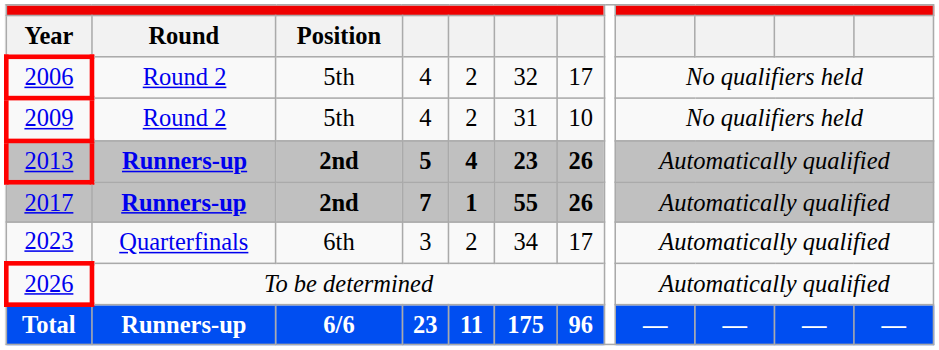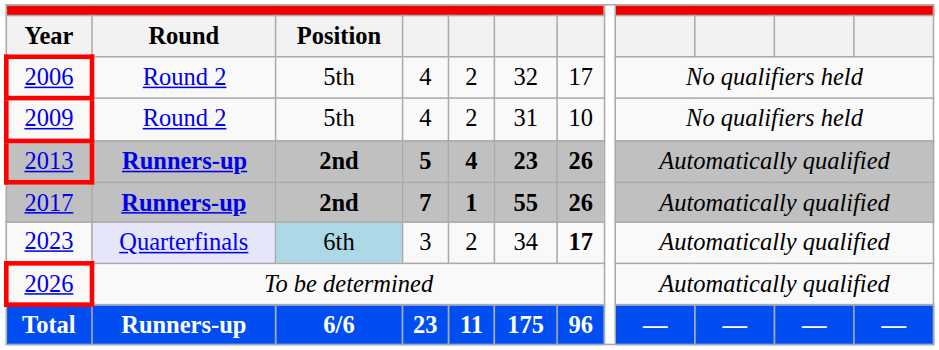 <table class="wikitable" style="text-align: center;">
 <tr>
 <th style="background:#EF0000;" colspan="7"><a href='#'></a> </th>
 <th style="background:white; width:1%;" rowspan="9"></th>
 <th style="background:#EF0000; color:#FFFFFF;" colspan="5"><a href='#'></a> </th>
 </tr>
 <tr>
 <th>Year</th>
 <th>Round</th>
 <th>Position</th>
 <th></th>
 <th></th>
 <th></th>
 <th></th>
 <th></th>
 <th></th>
 <th></th>
 <th></th>
 </tr>
 <tr>
 <td style="border: 3px solid red"> <a href='#'>2006</a></td>
 <td><a href='#'>Round 2</a></td>
 <td>5th</td>
 <td>4</td>
 <td>2</td>
 <td>32</td>
 <td>17</td>
 <td colspan=4 align=center><em>No qualifiers held</em></td>
 </tr>
 <tr>
 <td style="border: 3px solid red">  <a href='#'>2009</a></td>
 <td><a href='#'>Round 2</a></td>
 <td>5th</td>
 <td>4</td>
 <td>2</td>
 <td>31</td>
 <td>10</td>
 <td colspan=4 align=center><em>No qualifiers held</em></td>
 </tr>
 <tr style="background:Silver;">
 <td style="border: 3px solid red">  <a href='#'>2013</a></td>
 <td><strong><a href='#'>Runners-up</a></strong></td>
 <td><strong>2nd</strong></td>
 <td><strong>5</strong></td>
 <td><strong>4</strong></td>
 <td><strong>23</strong></td>
 <td><strong>26</strong></td>
 <td colspan=4 align=center><em>Automatically qualified</em></td>
 </tr>
 <tr style="background:Silver;">
 <td>  <a href='#'>2017</a></td>
 <td><strong><a href='#'>Runners-up</a></strong></td>
 <td><strong>2nd</strong></td>
 <td><strong>7</strong></td>
 <td><strong>1</strong></td>
 <td><strong>55</strong></td>
 <td><strong>26</strong></td>
 <td colspan=4 align=center><em>Automatically qualified</em></td>
 </tr>
 <tr>
 <td> <a href='#'>2023</a></td>
-<td><a href='#'>Quarterfinals</a></td>
-<td>6th</td>
+<td style="background: lavender;"><a href='#'>Quarterfinals</a></td>
+<td style="background: lightblue;">6th</td>
 <td>3</td>
 <td>2</td>
 <td>34</td>
-<td>17</td>
+<td><strong>17</strong></td>
 <td colspan=5 align=center><em>Automatically qualified</em></td>
 </tr>
 <tr>
 <td style="border: 3px solid red"> <a href='#'>2026</a></td>
 <td colspan=6 align=center><em>To be determined</em></td>
 <td colspan=4 align=center><em>Automatically qualified</em></td>
 </tr>
 <tr>
 <th style="color:white; background:#004EF1;">Total</th>
 <th style="color:white; background:#004EF1;">Runners-up</th>
 <th style="color:white; background:#004EF1;">6/6</th>
 <th style="color:white; background:#004EF1;">23</th>
 <th style="color:white; background:#004EF1;">11</th>
 <th style="color:white; background:#004EF1;">175</th>
 <th style="color:white; background:#004EF1;">96</th>
 <th style="color:white; background:#004EF1;">—</th>
 <th style="color:white; background:#004EF1;">—</th>
 <th style="color:white; background:#004EF1;">—</th>
 <th style="color:white; background:#004EF1;">—</th>
 </tr>
 </table>
